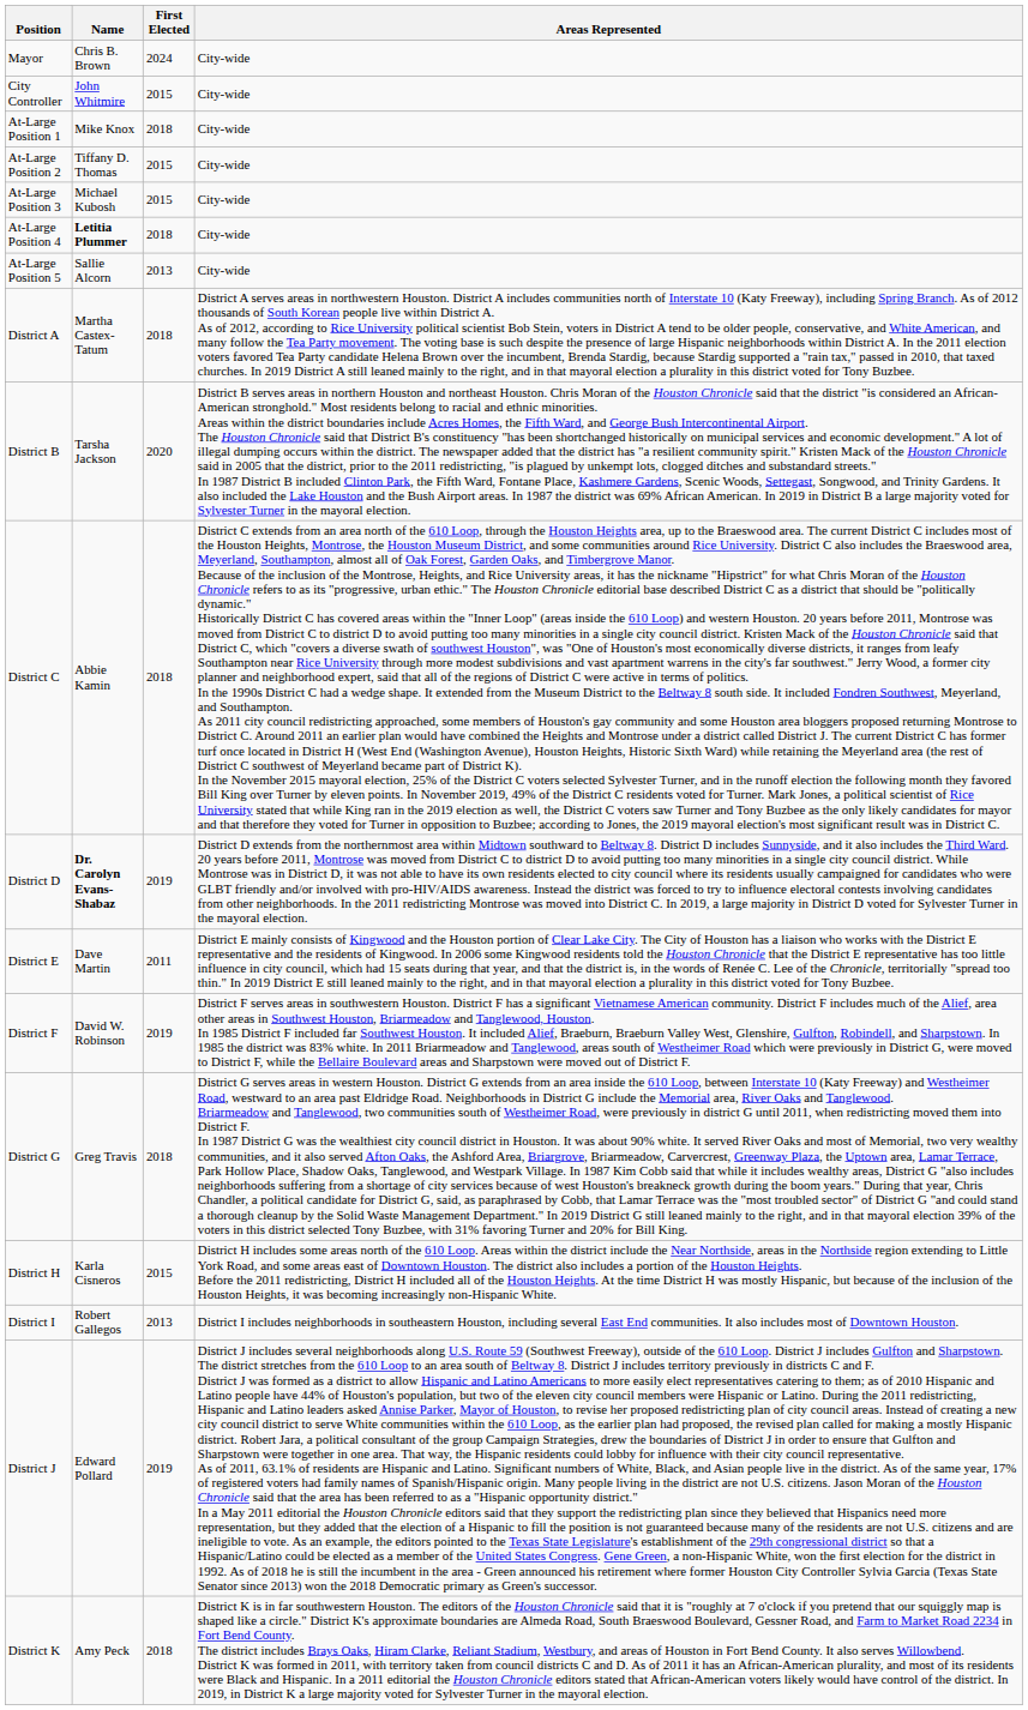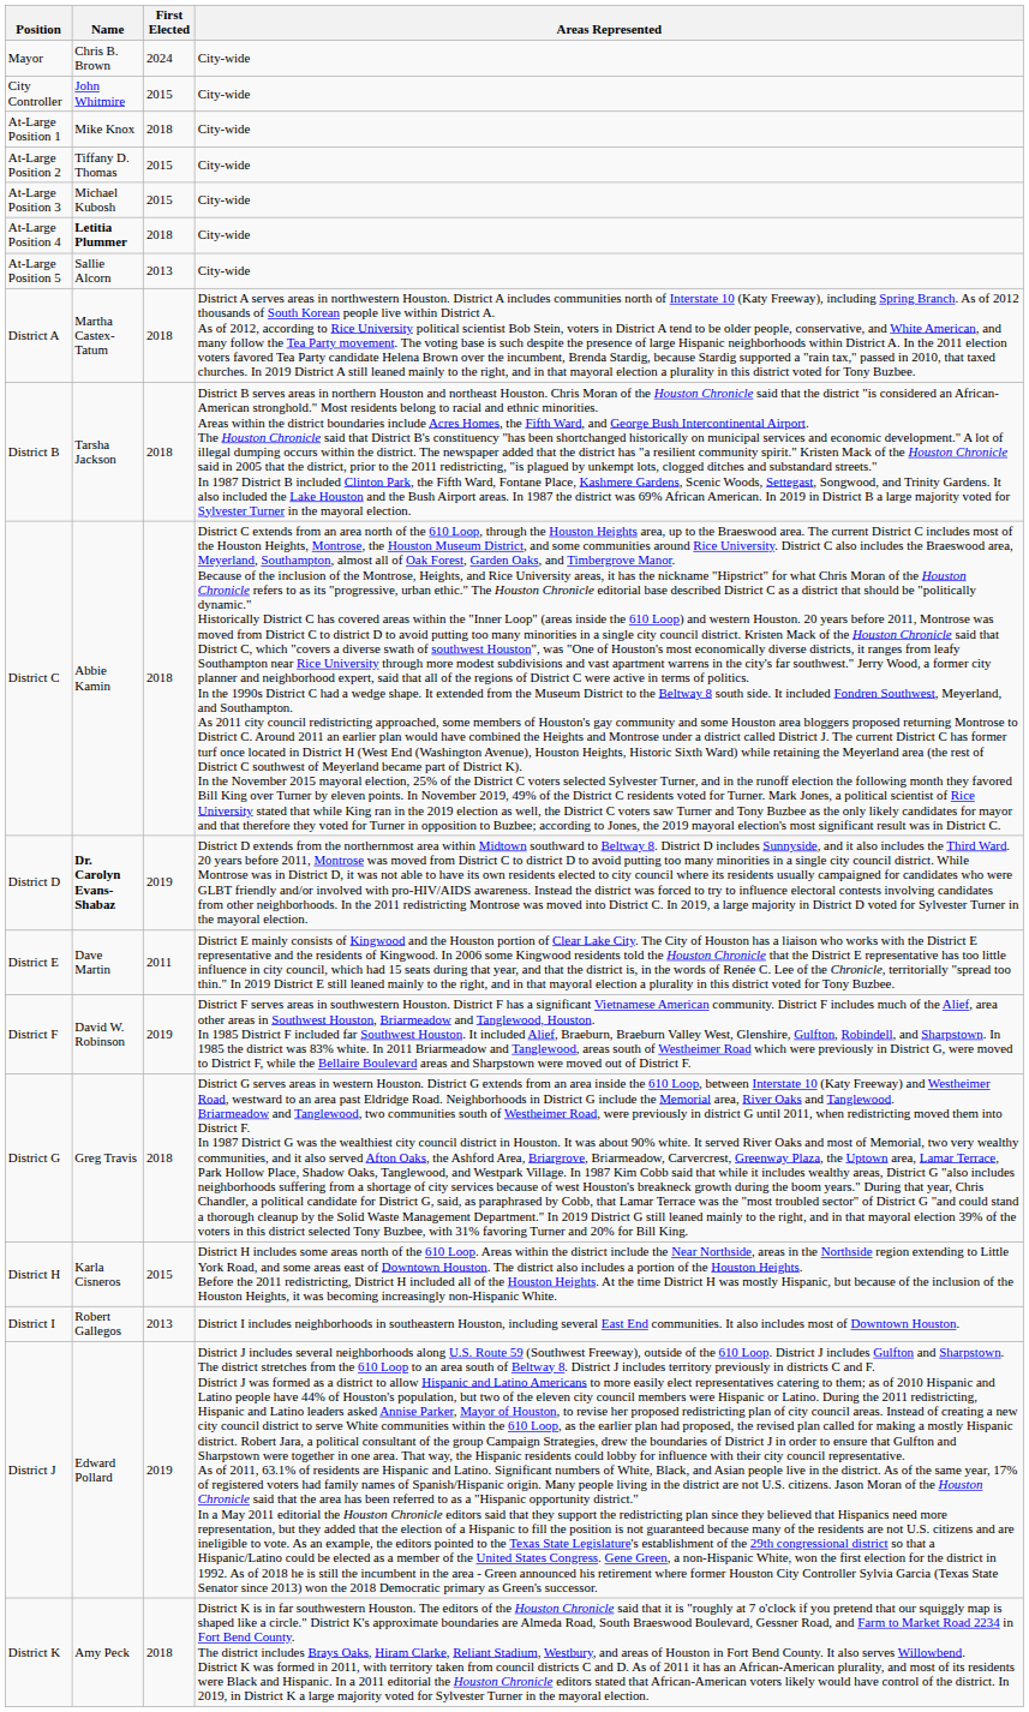 <table class=wikitable>
 <tr>
 <th align=center valign=bottom><strong>Position</strong></th>
 <th align=center valign=bottom><strong>Name</strong></th>
 <th align=center valign=bottom><strong>First Elected</strong></th>
 <th align=center valign=bottom><strong>Areas Represented</strong><br> </th>
 </tr>
 <tr>
 <td>Mayor</td>
 <td>Chris B. Brown</td>
 <td>2024</td>
 <td>City-wide</td>
 </tr>
 <tr>
 <td>City Controller</td>
 <td><a href='#'>John Whitmire</a></td>
 <td>2015</td>
 <td>City-wide</td>
 </tr>
 <tr>
 <td>At-Large Position 1</td>
 <td>Mike Knox</td>
 <td>2018</td>
 <td>City-wide</td>
 </tr>
 <tr>
 <td>At-Large Position 2</td>
 <td>Tiffany D. Thomas</td>
 <td>2015</td>
 <td>City-wide</td>
 </tr>
 <tr>
 <td>At-Large Position 3</td>
 <td>Michael Kubosh</td>
 <td>2015</td>
 <td>City-wide</td>
 </tr>
 <tr>
 <td>At-Large Position 4</td>
 <td><strong>Letitia Plummer</strong></td>
 <td>2018</td>
 <td>City-wide</td>
 </tr>
 <tr>
 <td>At-Large Position 5</td>
 <td>Sallie Alcorn</td>
 <td>2013</td>
 <td>City-wide</td>
 </tr>
 <tr>
 <td>District A</td>
 <td>Martha Castex-Tatum</td>
 <td>2018</td>
 <td>District A serves areas in northwestern Houston. District A includes communities north of <a href='#'>Interstate 10</a> (Katy Freeway), including <a href='#'>Spring Branch</a>. As of 2012 thousands of <a href='#'>South Korean</a> people live within District A.<br>As of 2012, according to <a href='#'>Rice University</a> political scientist Bob Stein, voters in District A tend to be older people, conservative, and <a href='#'>White American</a>, and many follow the <a href='#'>Tea Party movement</a>. The voting base is such despite the presence of large Hispanic neighborhoods within District A. In the 2011 election voters favored Tea Party candidate Helena Brown over the incumbent, Brenda Stardig, because Stardig supported a "rain tax," passed in 2010, that taxed churches. In 2019 District A still leaned mainly to the right, and in that mayoral election a plurality in this district voted for Tony Buzbee.</td>
 </tr>
 <tr>
 <td>District B</td>
 <td>Tarsha Jackson</td>
-<td>2020</td>
+<td>2018</td>
 <td>District B serves areas in northern Houston and northeast Houston. Chris Moran of the <em><a href='#'>Houston Chronicle</a></em> said that the district "is considered an African-American stronghold." Most residents belong to racial and ethnic minorities.<br>Areas within the district boundaries include <a href='#'>Acres Homes</a>, the <a href='#'>Fifth Ward</a>, and <a href='#'>George Bush Intercontinental Airport</a>.<br>The <em><a href='#'>Houston Chronicle</a></em> said that District B's constituency "has been shortchanged historically on municipal services and economic development." A lot of illegal dumping occurs within the district. The newspaper added that the district has "a resilient community spirit." Kristen Mack of the <em><a href='#'>Houston Chronicle</a></em> said in 2005 that the district, prior to the 2011 redistricting, "is plagued by unkempt lots, clogged ditches and substandard streets."<br>In 1987 District B included <a href='#'>Clinton Park</a>, the Fifth Ward, Fontane Place, <a href='#'>Kashmere Gardens</a>, Scenic Woods, <a href='#'>Settegast</a>, Songwood, and Trinity Gardens. It also included the <a href='#'>Lake Houston</a> and the Bush Airport areas. In 1987 the district was 69% African American. In 2019 in District B a large majority voted for <a href='#'>Sylvester Turner</a> in the mayoral election.</td>
 </tr>
 <tr>
 <td>District C</td>
 <td>Abbie Kamin</td>
 <td>2018</td>
 <td>District C extends from an area north of the <a href='#'>610 Loop</a>, through the <a href='#'>Houston Heights</a> area, up to the Braeswood area. The current District C includes most of the Houston Heights, <a href='#'>Montrose</a>, the <a href='#'>Houston Museum District</a>, and some communities around <a href='#'>Rice University</a>. District C also includes the Braeswood area, <a href='#'>Meyerland</a>, <a href='#'>Southampton</a>, almost all of <a href='#'>Oak Forest</a>, <a href='#'>Garden Oaks</a>, and <a href='#'>Timbergrove Manor</a>.<br>Because of the inclusion of the Montrose, Heights, and Rice University areas, it has the nickname "Hipstrict" for what Chris Moran of the <em><a href='#'>Houston Chronicle</a></em> refers to as its "progressive, urban ethic." The <em>Houston Chronicle</em> editorial base described District C as a district that should be "politically dynamic."<br>Historically District C has covered areas within the "Inner Loop" (areas inside the <a href='#'>610 Loop</a>) and western Houston. 20 years before 2011, Montrose was moved from District C to district D to avoid putting too many minorities in a single city council district. Kristen Mack of the <em><a href='#'>Houston Chronicle</a></em> said that District C, which "covers a diverse swath of <a href='#'>southwest Houston</a>", was "One of Houston's most economically diverse districts, it ranges from leafy Southampton near <a href='#'>Rice University</a> through more modest subdivisions and vast apartment warrens in the city's far southwest." Jerry Wood, a former city planner and neighborhood expert, said that all of the regions of District C were active in terms of politics.<br>In the 1990s District C had a wedge shape. It extended from the Museum District to the <a href='#'>Beltway 8</a> south side. It included <a href='#'>Fondren Southwest</a>, Meyerland, and Southampton.<br>As 2011 city council redistricting approached, some members of Houston's gay community and some Houston area bloggers proposed returning Montrose to District C. Around 2011 an earlier plan would have combined the Heights and Montrose under a district called District J. The current District C has former turf once located in District H (West End (Washington Avenue), Houston Heights, Historic Sixth Ward) while retaining the Meyerland area (the rest of District C southwest of Meyerland became part of District K).<br>In the November 2015 mayoral election, 25% of the District C voters selected Sylvester Turner, and in the runoff election the following month they favored Bill King over Turner by eleven points. In November 2019, 49% of the District C residents voted for Turner. Mark Jones, a political scientist of <a href='#'>Rice University</a> stated that while King ran in the 2019 election as well, the District C voters saw Turner and Tony Buzbee as the only likely candidates for mayor and that therefore they voted for Turner in opposition to Buzbee; according to Jones, the 2019 mayoral election's most significant result was in District C.</td>
 </tr>
 <tr>
 <td>District D</td>
 <td><strong>Dr. Carolyn Evans-Shabaz</strong></td>
 <td>2019</td>
 <td>District D extends from the northernmost area within <a href='#'>Midtown</a> southward to <a href='#'>Beltway 8</a>. District D includes <a href='#'>Sunnyside</a>, and it also includes the <a href='#'>Third Ward</a>.<br>20 years before 2011, <a href='#'>Montrose</a> was moved from District C to district D to avoid putting too many minorities in a single city council district. While Montrose was in District D, it was not able to have its own residents elected to city council where its residents usually campaigned for candidates who were GLBT friendly and/or involved with pro-HIV/AIDS awareness. Instead the district was forced to try to influence electoral contests involving candidates from other neighborhoods. In the 2011 redistricting Montrose was moved into District C. In 2019, a large majority in District D voted for Sylvester Turner in the mayoral election.</td>
 </tr>
 <tr>
 <td>District E</td>
 <td>Dave Martin</td>
 <td>2011</td>
 <td>District E mainly consists of <a href='#'>Kingwood</a> and the Houston portion of <a href='#'>Clear Lake City</a>. The City of Houston has a liaison who works with the District E representative and the residents of Kingwood. In 2006 some Kingwood residents told the <em><a href='#'>Houston Chronicle</a></em> that the District E representative has too little influence in city council, which had 15 seats during that year, and that the district is, in the words of Renée C. Lee of the <em>Chronicle</em>, territorially "spread too thin." In 2019 District E still leaned mainly to the right, and in that mayoral election a plurality in this district voted for Tony Buzbee.</td>
 </tr>
 <tr>
 <td>District F</td>
 <td>David W. Robinson</td>
 <td>2019</td>
 <td>District F serves areas in southwestern Houston. District F has a significant <a href='#'>Vietnamese American</a> community. District F includes much of the <a href='#'>Alief</a>, area other areas in <a href='#'>Southwest Houston</a>, <a href='#'>Briarmeadow</a> and <a href='#'>Tanglewood, Houston</a>.<br>In 1985 District F included far <a href='#'>Southwest Houston</a>. It included <a href='#'>Alief</a>, Braeburn, Braeburn Valley West, Glenshire, <a href='#'>Gulfton</a>, <a href='#'>Robindell</a>, and <a href='#'>Sharpstown</a>. In 1985 the district was 83% white. In 2011 Briarmeadow and <a href='#'>Tanglewood</a>, areas south of <a href='#'>Westheimer Road</a> which were previously in District G, were moved to District F, while the <a href='#'>Bellaire Boulevard</a> areas and Sharpstown were moved out of District F.</td>
 </tr>
 <tr>
 <td>District G</td>
 <td>Greg Travis</td>
 <td>2018</td>
 <td>District G serves areas in western Houston. District G extends from an area inside the <a href='#'>610 Loop</a>, between <a href='#'>Interstate 10</a> (Katy Freeway) and <a href='#'>Westheimer Road</a>, westward to an area past Eldridge Road. Neighborhoods in District G include the <a href='#'>Memorial</a> area, <a href='#'>River Oaks</a> and <a href='#'>Tanglewood</a>.<br><a href='#'>Briarmeadow</a> and <a href='#'>Tanglewood</a>, two communities south of <a href='#'>Westheimer Road</a>, were previously in district G until 2011, when redistricting moved them into District F.<br>In 1987 District G was the wealthiest city council district in Houston. It was about 90% white. It served River Oaks and most of Memorial, two very wealthy communities, and it also served <a href='#'>Afton Oaks</a>, the Ashford Area, <a href='#'>Briargrove</a>, Briarmeadow, Carvercrest, <a href='#'>Greenway Plaza</a>, the <a href='#'>Uptown</a> area, <a href='#'>Lamar Terrace</a>, Park Hollow Place, Shadow Oaks, Tanglewood, and Westpark Village. In 1987 Kim Cobb said that while it includes wealthy areas, District G "also includes neighborhoods suffering from a shortage of city services because of west Houston's breakneck growth during the boom years." During that year, Chris Chandler, a political candidate for District G, said, as paraphrased by Cobb, that Lamar Terrace was the "most troubled sector" of District G "and could stand a thorough cleanup by the Solid Waste Management Department." In 2019 District G still leaned mainly to the right, and in that mayoral election 39% of the voters in this district selected Tony Buzbee, with 31% favoring Turner and 20% for Bill King.</td>
 </tr>
 <tr>
 <td>District H</td>
 <td>Karla Cisneros</td>
 <td>2015</td>
 <td>District H includes some areas north of the <a href='#'>610 Loop</a>. Areas within the district include the <a href='#'>Near Northside</a>, areas in the <a href='#'>Northside</a> region extending to Little York Road, and some areas east of <a href='#'>Downtown Houston</a>. The district also includes a portion of the <a href='#'>Houston Heights</a>.<br>Before the 2011 redistricting, District H included all of the <a href='#'>Houston Heights</a>. At the time District H was mostly Hispanic, but because of the inclusion of the Houston Heights, it was becoming increasingly non-Hispanic White.</td>
 </tr>
 <tr>
 <td>District I</td>
 <td>Robert Gallegos</td>
 <td>2013</td>
 <td>District I includes neighborhoods in southeastern Houston, including several <a href='#'>East End</a> communities. It also includes most of <a href='#'>Downtown Houston</a>.</td>
 </tr>
 <tr>
 <td>District J</td>
 <td>Edward Pollard</td>
 <td>2019</td>
 <td>District J includes several neighborhoods along <a href='#'>U.S. Route 59</a> (Southwest Freeway), outside of the <a href='#'>610 Loop</a>. District J includes <a href='#'>Gulfton</a> and <a href='#'>Sharpstown</a>. The district stretches from the <a href='#'>610 Loop</a> to an area south of <a href='#'>Beltway 8</a>. District J includes territory previously in districts C and F.<br>District J was formed as a district to allow <a href='#'>Hispanic and Latino Americans</a> to more easily elect representatives catering to them; as of 2010 Hispanic and Latino people have 44% of Houston's population, but two of the eleven city council members were Hispanic or Latino. During the 2011 redistricting, Hispanic and Latino leaders asked <a href='#'>Annise Parker</a>, <a href='#'>Mayor of Houston</a>, to revise her proposed redistricting plan of city council areas. Instead of creating a new city council district to serve White communities within the <a href='#'>610 Loop</a>, as the earlier plan had proposed, the revised plan called for making a mostly Hispanic district. Robert Jara, a political consultant of the group Campaign Strategies, drew the boundaries of District J in order to ensure that Gulfton and Sharpstown were together in one area. That way, the Hispanic residents could lobby for influence with their city council representative.<br>As of 2011, 63.1% of residents are Hispanic and Latino. Significant numbers of White, Black, and Asian people live in the district. As of the same year, 17% of registered voters had family names of Spanish/Hispanic origin. Many people living in the district are not U.S. citizens. Jason Moran of the <em><a href='#'>Houston Chronicle</a></em> said that the area has been referred to as a "Hispanic opportunity district."<br>In a May 2011 editorial the <em>Houston Chronicle</em> editors said that they support the redistricting plan since they believed that Hispanics need more representation, but they added that the election of a Hispanic to fill the position is not guaranteed because many of the residents are not U.S. citizens and are ineligible to vote. As an example, the editors pointed to the <a href='#'>Texas State Legislature</a>'s establishment of the <a href='#'>29th congressional district</a> so that a Hispanic/Latino could be elected as a member of the <a href='#'>United States Congress</a>. <a href='#'>Gene Green</a>, a non-Hispanic White, won the first election for the district in 1992. As of 2018 he is still the incumbent in the area - Green announced his retirement where former Houston City Controller Sylvia Garcia (Texas State Senator since 2013) won the 2018 Democratic primary as Green's successor.</td>
 </tr>
 <tr>
 <td>District K</td>
 <td>Amy Peck</td>
 <td>2018</td>
 <td>District K is in far southwestern Houston. The editors of the <em><a href='#'>Houston Chronicle</a></em> said that it is "roughly at 7 o'clock if you pretend that our squiggly map is shaped like a circle." District K's approximate boundaries are Almeda Road, South Braeswood Boulevard, Gessner Road, and <a href='#'>Farm to Market Road 2234</a> in <a href='#'>Fort Bend County</a>.<br>The district includes <a href='#'>Brays Oaks</a>, <a href='#'>Hiram Clarke</a>, <a href='#'>Reliant Stadium</a>, <a href='#'>Westbury</a>, and areas of Houston in Fort Bend County. It also serves <a href='#'>Willowbend</a>.<br>District K was formed in 2011, with territory taken from council districts C and D. As of 2011 it has an African-American plurality, and most of its residents were Black and Hispanic. In a 2011 editorial the <em><a href='#'>Houston Chronicle</a></em> editors stated that African-American voters likely would have control of the district. In 2019, in District K a large majority voted for Sylvester Turner in the mayoral election.</td>
 </tr>
 </table>
